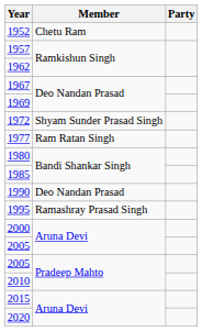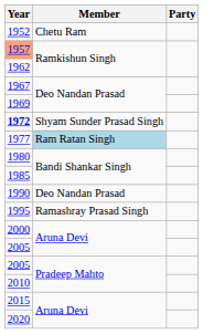 <table class="wikitable sortable">
 <tr>
 <th>Year</th>
 <th>Member</th>
 <th colspan="2">Party</th>
 </tr>
 <tr>
 <td><a href='#'>1952</a></td>
 <td>Chetu Ram</td>
 <td></td>
 </tr>
 <tr>
-<td><a href='#'>1957</a></td>
+<td style="background: lightsalmon;"><a href='#'>1957</a></td>
 <td rowspan="2">Ramkishun Singh</td>
 </tr>
 <tr>
 <td><a href='#'>1962</a></td>
 </tr>
 <tr>
 <td><a href='#'>1967</a></td>
 <td rowspan="2">Deo Nandan Prasad</td>
 <td></td>
 </tr>
 <tr>
 <td><a href='#'>1969</a></td>
 </tr>
 <tr>
-<td><a href='#'>1972</a></td>
+<td><strong><a href='#'>1972</a></strong></td>
 <td>Shyam Sunder Prasad Singh</td>
 <td></td>
 </tr>
 <tr>
 <td><a href='#'>1977</a></td>
-<td>Ram Ratan Singh</td>
+<td style="background: lightblue;">Ram Ratan Singh</td>
 <td></td>
 </tr>
 <tr>
 <td><a href='#'>1980</a></td>
 <td rowspan="2">Bandi Shankar Singh</td>
 <td></td>
 </tr>
 <tr>
 <td><a href='#'>1985</a></td>
 <td></td>
 </tr>
 <tr>
 <td><a href='#'>1990</a></td>
 <td>Deo Nandan Prasad</td>
 <td></td>
 </tr>
 <tr>
 <td><a href='#'>1995</a></td>
 <td>Ramashray Prasad Singh</td>
 <td></td>
 </tr>
 <tr>
 <td><a href='#'>2000</a></td>
 <td rowspan="2"><a href='#'>Aruna Devi</a></td>
 <td></td>
 </tr>
 <tr>
 <td><a href='#'>2005</a></td>
 <td></td>
 </tr>
 <tr>
 <td><a href='#'>2005</a></td>
 <td rowspan="2"><a href='#'>Pradeep Mahto</a></td>
 <td></td>
 </tr>
 <tr>
 <td><a href='#'>2010</a></td>
 <td></td>
 </tr>
 <tr>
 <td><a href='#'>2015</a></td>
 <td rowspan="2"><a href='#'>Aruna Devi</a></td>
 <td></td>
 </tr>
 <tr>
 <td><a href='#'>2020</a></td>
 </tr>
 </table>
